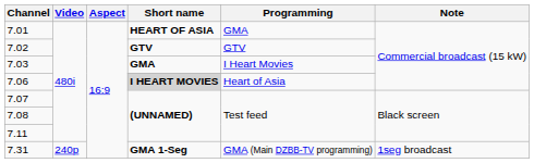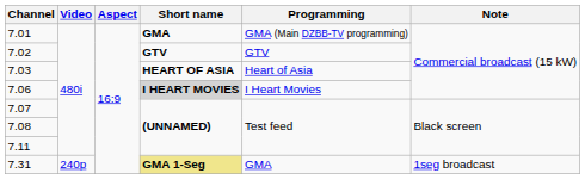 <table class="wikitable">
 <tr>
 <th>Channel</th>
 <th><a href='#'>Video</a></th>
 <th><a href='#'>Aspect</a></th>
 <th>Short name</th>
 <th>Programming</th>
 <th>Note</th>
 </tr>
 <tr>
 <td>7.01</td>
 <td rowspan="7"><a href='#'>480i</a></td>
 <td rowspan="8"><a href='#'>16:9</a></td>
-<td><strong>HEART OF ASIA</strong></td>
-<td><a href='#'>GMA</a></td>
+<td><strong>GMA</strong></td>
+<td><a href='#'>GMA</a> <small>(Main <a href='#'>DZBB-TV</a> programming)</small></td>
 <td rowspan="4"><a href='#'>Commercial broadcast</a> (15 kW)</td>
 </tr>
 <tr>
 <td>7.02</td>
 <td><strong>GTV</strong></td>
 <td><a href='#'>GTV</a></td>
 </tr>
 <tr>
 <td>7.03</td>
-<td><strong>GMA</strong></td>
-<td><a href='#'>I Heart Movies</a></td>
+<td><strong>HEART OF ASIA</strong></td>
+<td><a href='#'>Heart of Asia</a></td>
 </tr>
 <tr>
 <td>7.06</td>
 <td style="background: lightgrey;"><strong>I HEART MOVIES</strong></td>
-<td><a href='#'>Heart of Asia</a></td>
+<td><a href='#'>I Heart Movies</a></td>
 </tr>
 <tr>
 <td>7.07</td>
 <td rowspan="3"><strong>(UNNAMED)</strong></td>
 <td rowspan="3">Test feed</td>
 <td rowspan="3">Black screen</td>
 </tr>
 <tr>
 <td>7.08</td>
 </tr>
 <tr>
 <td>7.11</td>
 </tr>
 <tr>
 <td>7.31</td>
 <td><a href='#'>240p</a></td>
-<td><strong>GMA 1-Seg</strong></td>
-<td><a href='#'>GMA</a> <small>(Main <a href='#'>DZBB-TV</a> programming)</small></td>
+<td style="background: khaki;"><strong>GMA 1-Seg</strong></td>
+<td><a href='#'>GMA</a></td>
 <td><a href='#'>1seg</a> broadcast</td>
 </tr>
 </table>
